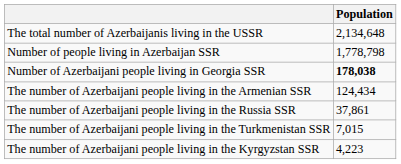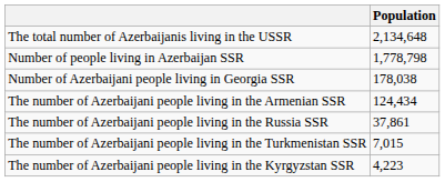 <table class="wikitable">
 <tr>
 <th></th>
 <th>Population</th>
 </tr>
 <tr>
 <td>The total number of  Azerbaijanis living in the USSR</td>
 <td>2,134,648</td>
 </tr>
 <tr>
 <td>Number of people living in  Azerbaijan SSR</td>
 <td>1,778,798</td>
 </tr>
 <tr>
 <td>Number of Azerbaijani people  living in Georgia SSR</td>
-<td><strong>178,038</strong></td>
+<td>178,038</td>
 </tr>
 <tr>
 <td>The number of Azerbaijani  people living in the Armenian SSR</td>
 <td>124,434</td>
 </tr>
 <tr>
 <td>The number of Azerbaijani  people living in the Russia SSR</td>
 <td>37,861</td>
 </tr>
 <tr>
 <td>The number of Azerbaijani  people living in the Turkmenistan SSR</td>
 <td>7,015</td>
 </tr>
 <tr>
 <td>The number of Azerbaijani  people living in the Kyrgyzstan SSR</td>
 <td>4,223</td>
 </tr>
 </table>
